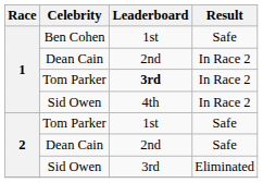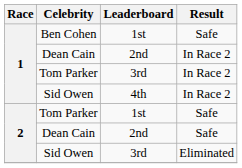 <table class="wikitable plainrowheaders" style="text-align:center;">
 <tr>
 <th>Race</th>
 <th>Celebrity</th>
 <th>Leaderboard</th>
 <th>Result</th>
 </tr>
 <tr>
 <th rowspan=4>1</th>
 <td>Ben Cohen</td>
 <td>1st</td>
 <td>Safe</td>
 </tr>
 <tr>
 <td>Dean Cain</td>
 <td>2nd</td>
 <td>In Race 2</td>
 </tr>
 <tr>
 <td>Tom Parker</td>
-<td><strong>3rd</strong></td>
+<td>3rd</td>
 <td>In Race 2</td>
 </tr>
 <tr>
 <td>Sid Owen</td>
 <td>4th</td>
 <td>In Race 2</td>
 </tr>
 <tr>
 <th rowspan=3>2</th>
 <td>Tom Parker</td>
 <td>1st</td>
 <td>Safe</td>
 </tr>
 <tr>
 <td>Dean Cain</td>
 <td>2nd</td>
 <td>Safe</td>
 </tr>
 <tr>
 <td>Sid Owen</td>
 <td>3rd</td>
 <td>Eliminated</td>
 </tr>
 <tr>
 </tr>
 </table>
